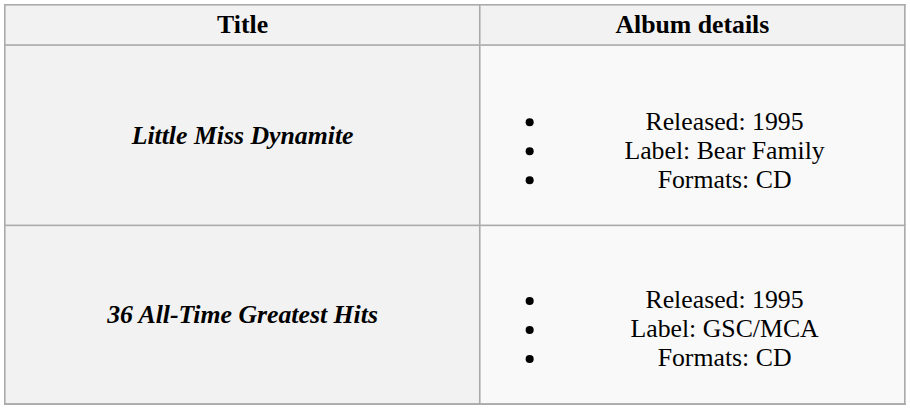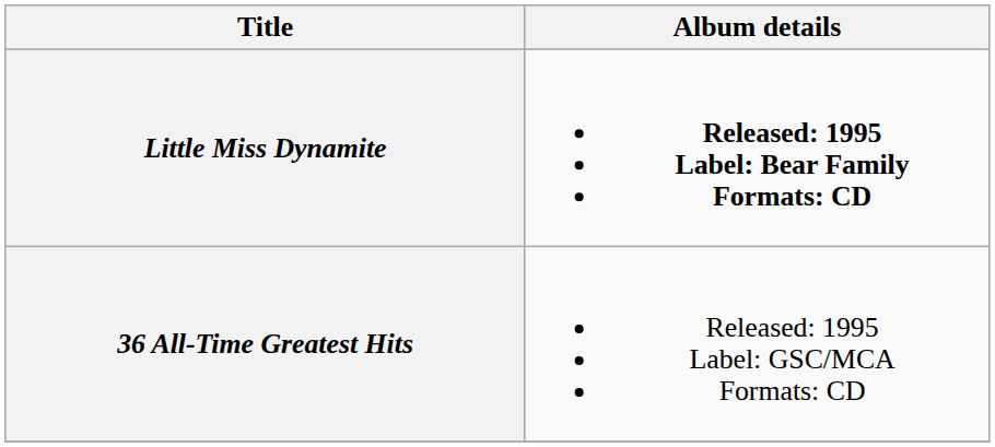 <table class="wikitable plainrowheaders" style="text-align:center;">
 <tr>
 <th scope="col" style="width:18em;">Title</th>
 <th scope="col" style="width:16em;">Album details</th>
 </tr>
 <tr>
 <th scope="row"><em>Little Miss Dynamite</em></th>
-<td><br><ul><li>Released: 1995</li><li>Label: Bear Family</li><li>Formats: CD</li></ul></td>
+<td><strong><br><ul><li>Released: 1995</li><li>Label: Bear Family</li><li>Formats: CD</li></ul></strong></td>
 </tr>
 <tr>
 <th scope="row"><em>36 All-Time Greatest Hits</em></th>
 <td><br><ul><li>Released: 1995</li><li>Label: GSC/MCA</li><li>Formats: CD</li></ul></td>
 </tr>
 <tr>
 </tr>
 </table>
